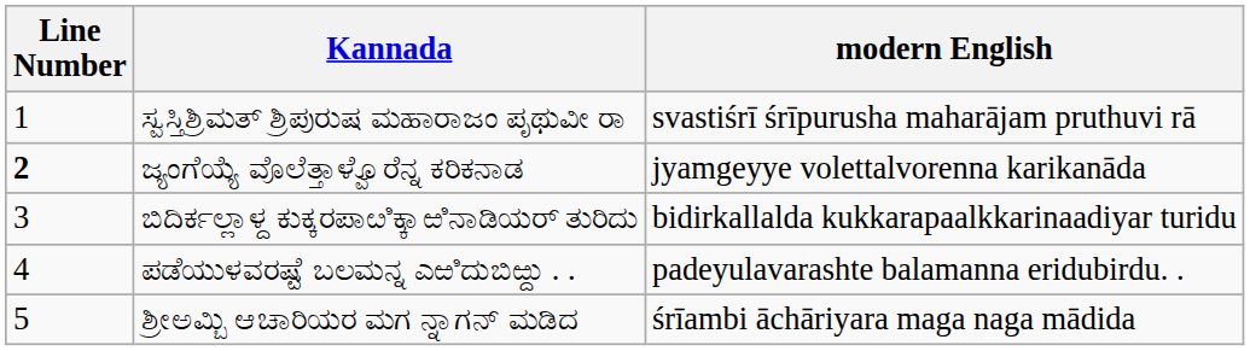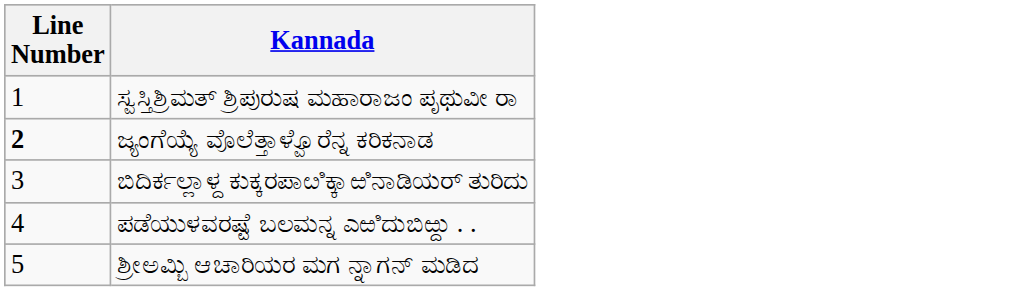 <table class="wikitable">
 <tr>
 <th>Line<br>Number</th>
 <th><a href='#'>Kannada</a></th>
-<th>modern English</th>
 </tr>
 <tr>
 <td>1</td>
 <td>ಸ್ವಸ್ತಿಶ್ರಿಮತ್‍ ಶ್ರಿಪುರುಷ ಮಹಾರಾಜಂ ಪೃಥುವೀ ರಾ</td>
-<td>svastiśrī śrīpurusha maharājam pruthuvi rā</td>
 </tr>
 <tr>
 <td><strong>2</strong></td>
 <td>ಜ್ಯಂಗೆಯ್ಯೆ ವೊಲೆತ್ತಾಳ್ವೊರೆನ್ನ ಕರಿಕನಾಡ</td>
-<td>jyamgeyye volettalvorenna karikanāda</td>
 </tr>
 <tr>
 <td>3</td>
 <td>ಬಿದಿರ್ಕಲ್ಲಾಳ್ದ ಕುಕ್ಕರಪಾೞಿಕ್ಕಾಱಿನಾಡಿಯರ್ ತುರಿದು</td>
-<td>bidirkallalda kukkarapaalkkarinaadiyar turidu</td>
 </tr>
 <tr>
 <td>4</td>
 <td>ಪಡೆಯುಳವರಷ್ಟೆ ಬಲಮನ್ನ ಎಱಿದುಬಿಱ್ದು . .</td>
-<td>padeyulavarashte balamanna eridubirdu. .</td>
 </tr>
 <tr>
 <td>5</td>
 <td>ಶ್ರೀಅಮ್ಬಿ ಆಚಾರಿಯರ ಮಗ ನ್ನಾಗನ್‍ ಮಡಿದ</td>
-<td>śrīambi āchāriyara maga naga mādida</td>
 </tr>
 </table>
